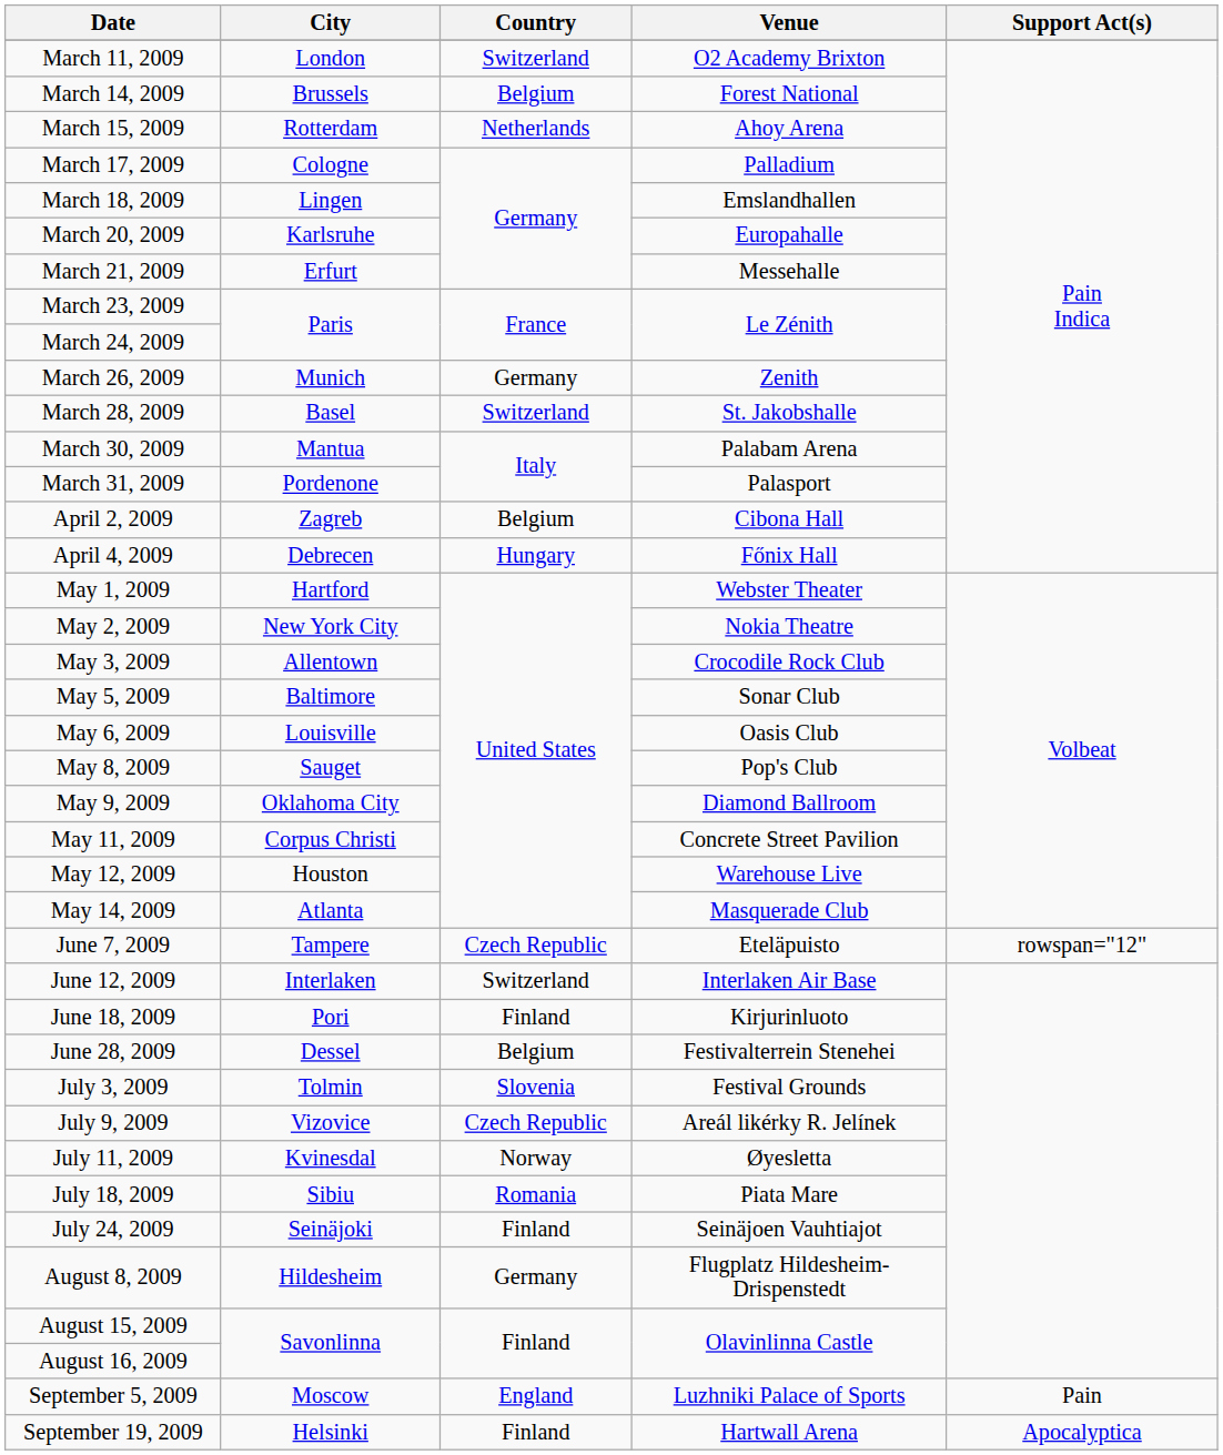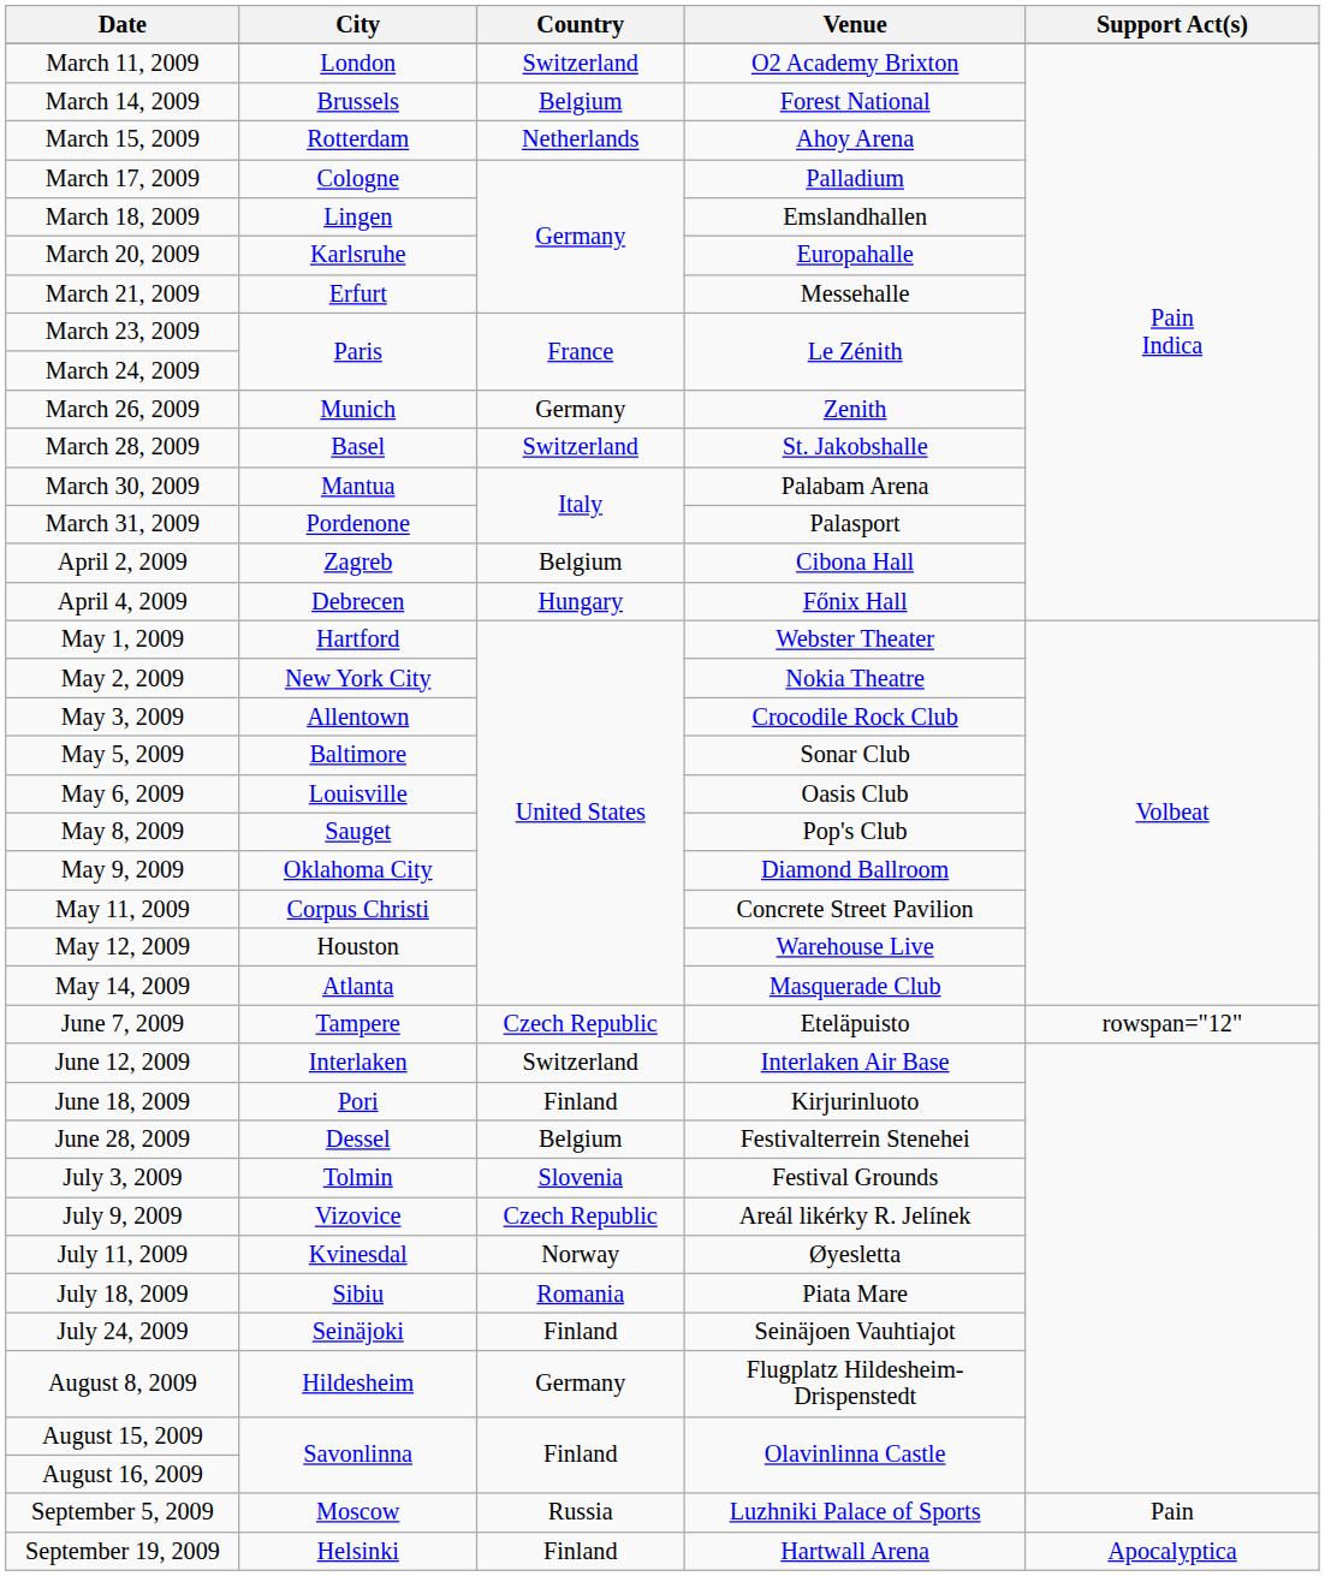 <table class="wikitable plainrowheaders" style="text-align:center;">
 <tr>
 <th scope="col" style="width:12em;">Date</th>
 <th scope="col" style="width:12em;">City</th>
 <th scope="col" style="width:10em;">Country</th>
 <th scope="col" style="width:18em;">Venue</th>
 <th scope="col" style="width:15em;">Support Act(s)</th>
 </tr>
 <tr>
 </tr>
 <tr>
 <td>March 11, 2009</td>
 <td><a href='#'>London</a></td>
 <td><a href='#'>Switzerland</a></td>
 <td><a href='#'>O2 Academy Brixton</a></td>
 <td rowspan="15"><a href='#'>Pain</a><br><a href='#'>Indica</a></td>
 </tr>
 <tr>
 <td>March 14, 2009</td>
 <td><a href='#'>Brussels</a></td>
 <td><a href='#'>Belgium</a></td>
 <td><a href='#'>Forest National</a></td>
 </tr>
 <tr>
 <td>March 15, 2009</td>
 <td><a href='#'>Rotterdam</a></td>
 <td><a href='#'>Netherlands</a></td>
 <td><a href='#'>Ahoy Arena</a></td>
 </tr>
 <tr>
 <td>March 17, 2009</td>
 <td><a href='#'>Cologne</a></td>
 <td rowspan="4"><a href='#'>Germany</a></td>
 <td><a href='#'>Palladium</a></td>
 </tr>
 <tr>
 <td>March 18, 2009</td>
 <td><a href='#'>Lingen</a></td>
 <td>Emslandhallen</td>
 </tr>
 <tr>
 <td>March 20, 2009</td>
 <td><a href='#'>Karlsruhe</a></td>
 <td><a href='#'>Europahalle</a></td>
 </tr>
 <tr>
 <td>March 21, 2009</td>
 <td><a href='#'>Erfurt</a></td>
 <td>Messehalle</td>
 </tr>
 <tr>
 <td>March 23, 2009</td>
 <td rowspan="2"><a href='#'>Paris</a></td>
 <td rowspan="2"><a href='#'>France</a></td>
 <td rowspan="2"><a href='#'>Le Zénith</a></td>
 </tr>
 <tr>
 <td>March 24, 2009</td>
 </tr>
 <tr>
 <td>March 26, 2009</td>
 <td><a href='#'>Munich</a></td>
 <td>Germany</td>
 <td><a href='#'>Zenith</a></td>
 </tr>
 <tr>
 <td>March 28, 2009</td>
 <td><a href='#'>Basel</a></td>
 <td><a href='#'>Switzerland</a></td>
 <td><a href='#'>St. Jakobshalle</a></td>
 </tr>
 <tr>
 <td>March 30, 2009</td>
 <td><a href='#'>Mantua</a></td>
 <td rowspan="2"><a href='#'>Italy</a></td>
 <td>Palabam Arena</td>
 </tr>
 <tr>
 <td>March 31, 2009</td>
 <td><a href='#'>Pordenone</a></td>
 <td>Palasport</td>
 </tr>
 <tr>
 <td>April 2, 2009</td>
 <td><a href='#'>Zagreb</a></td>
 <td>Belgium</td>
 <td><a href='#'>Cibona Hall</a></td>
 </tr>
 <tr>
 <td>April 4, 2009</td>
 <td><a href='#'>Debrecen</a></td>
 <td><a href='#'>Hungary</a></td>
 <td><a href='#'>Főnix Hall</a></td>
 </tr>
 <tr>
 <td>May 1, 2009</td>
 <td><a href='#'>Hartford</a></td>
 <td rowspan="10"><a href='#'>United States</a></td>
 <td><a href='#'>Webster Theater</a></td>
 <td rowspan="10"><a href='#'>Volbeat</a></td>
 </tr>
 <tr>
 <td>May 2, 2009</td>
 <td><a href='#'>New York City</a></td>
 <td><a href='#'>Nokia Theatre</a></td>
 </tr>
 <tr>
 <td>May 3, 2009</td>
 <td><a href='#'>Allentown</a></td>
 <td><a href='#'>Crocodile Rock Club</a></td>
 </tr>
 <tr>
 <td>May 5, 2009</td>
 <td><a href='#'>Baltimore</a></td>
 <td>Sonar Club</td>
 </tr>
 <tr>
 <td>May 6, 2009</td>
 <td><a href='#'>Louisville</a></td>
 <td>Oasis Club</td>
 </tr>
 <tr>
 <td>May 8, 2009</td>
 <td><a href='#'>Sauget</a></td>
 <td>Pop's Club</td>
 </tr>
 <tr>
 <td>May 9, 2009</td>
 <td><a href='#'>Oklahoma City</a></td>
 <td><a href='#'>Diamond Ballroom</a></td>
 </tr>
 <tr>
 <td>May 11, 2009</td>
 <td><a href='#'>Corpus Christi</a></td>
 <td>Concrete Street Pavilion</td>
 </tr>
 <tr>
 <td>May 12, 2009</td>
 <td>Houston</td>
 <td><a href='#'>Warehouse Live</a></td>
 </tr>
 <tr>
 <td>May 14, 2009</td>
 <td><a href='#'>Atlanta</a></td>
 <td><a href='#'>Masquerade Club</a></td>
 </tr>
 <tr>
 <td>June 7, 2009</td>
 <td><a href='#'>Tampere</a></td>
 <td><a href='#'>Czech Republic</a></td>
 <td>Eteläpuisto</td>
 <td>rowspan="12" </td>
 </tr>
 <tr>
 <td>June 12, 2009</td>
 <td><a href='#'>Interlaken</a></td>
 <td>Switzerland</td>
 <td><a href='#'>Interlaken Air Base</a></td>
 </tr>
 <tr>
 <td>June 18, 2009</td>
 <td><a href='#'>Pori</a></td>
 <td>Finland</td>
 <td>Kirjurinluoto</td>
 </tr>
 <tr>
 <td>June 28, 2009</td>
 <td><a href='#'>Dessel</a></td>
 <td>Belgium</td>
 <td>Festivalterrein Stenehei</td>
 </tr>
 <tr>
 <td>July 3, 2009</td>
 <td><a href='#'>Tolmin</a></td>
 <td><a href='#'>Slovenia</a></td>
 <td>Festival Grounds</td>
 </tr>
 <tr>
 <td>July 9, 2009</td>
 <td><a href='#'>Vizovice</a></td>
 <td><a href='#'>Czech Republic</a></td>
 <td>Areál likérky R. Jelínek</td>
 </tr>
 <tr>
 <td>July 11, 2009</td>
 <td><a href='#'>Kvinesdal</a></td>
 <td>Norway</td>
 <td>Øyesletta</td>
 </tr>
 <tr>
 <td>July 18, 2009</td>
 <td><a href='#'>Sibiu</a></td>
 <td><a href='#'>Romania</a></td>
 <td>Piata Mare</td>
 </tr>
 <tr>
 <td>July 24, 2009</td>
 <td><a href='#'>Seinäjoki</a></td>
 <td>Finland</td>
 <td>Seinäjoen Vauhtiajot</td>
 </tr>
 <tr>
 <td>August 8, 2009</td>
 <td><a href='#'>Hildesheim</a></td>
 <td>Germany</td>
 <td>Flugplatz Hildesheim-Drispenstedt</td>
 </tr>
 <tr>
 <td>August 15, 2009</td>
 <td rowspan="2"><a href='#'>Savonlinna</a></td>
 <td rowspan="2">Finland</td>
 <td rowspan="2"><a href='#'>Olavinlinna Castle</a></td>
 </tr>
 <tr>
 <td>August 16, 2009</td>
 </tr>
 <tr>
 <td>September 5, 2009</td>
 <td><a href='#'>Moscow</a></td>
-<td><a href='#'>England</a></td>
+<td>Russia</td>
 <td><a href='#'>Luzhniki Palace of Sports</a></td>
 <td>Pain</td>
 </tr>
 <tr>
 <td>September 19, 2009</td>
 <td><a href='#'>Helsinki</a></td>
 <td>Finland</td>
 <td><a href='#'>Hartwall Arena</a></td>
 <td><a href='#'>Apocalyptica</a></td>
 </tr>
 </table>
